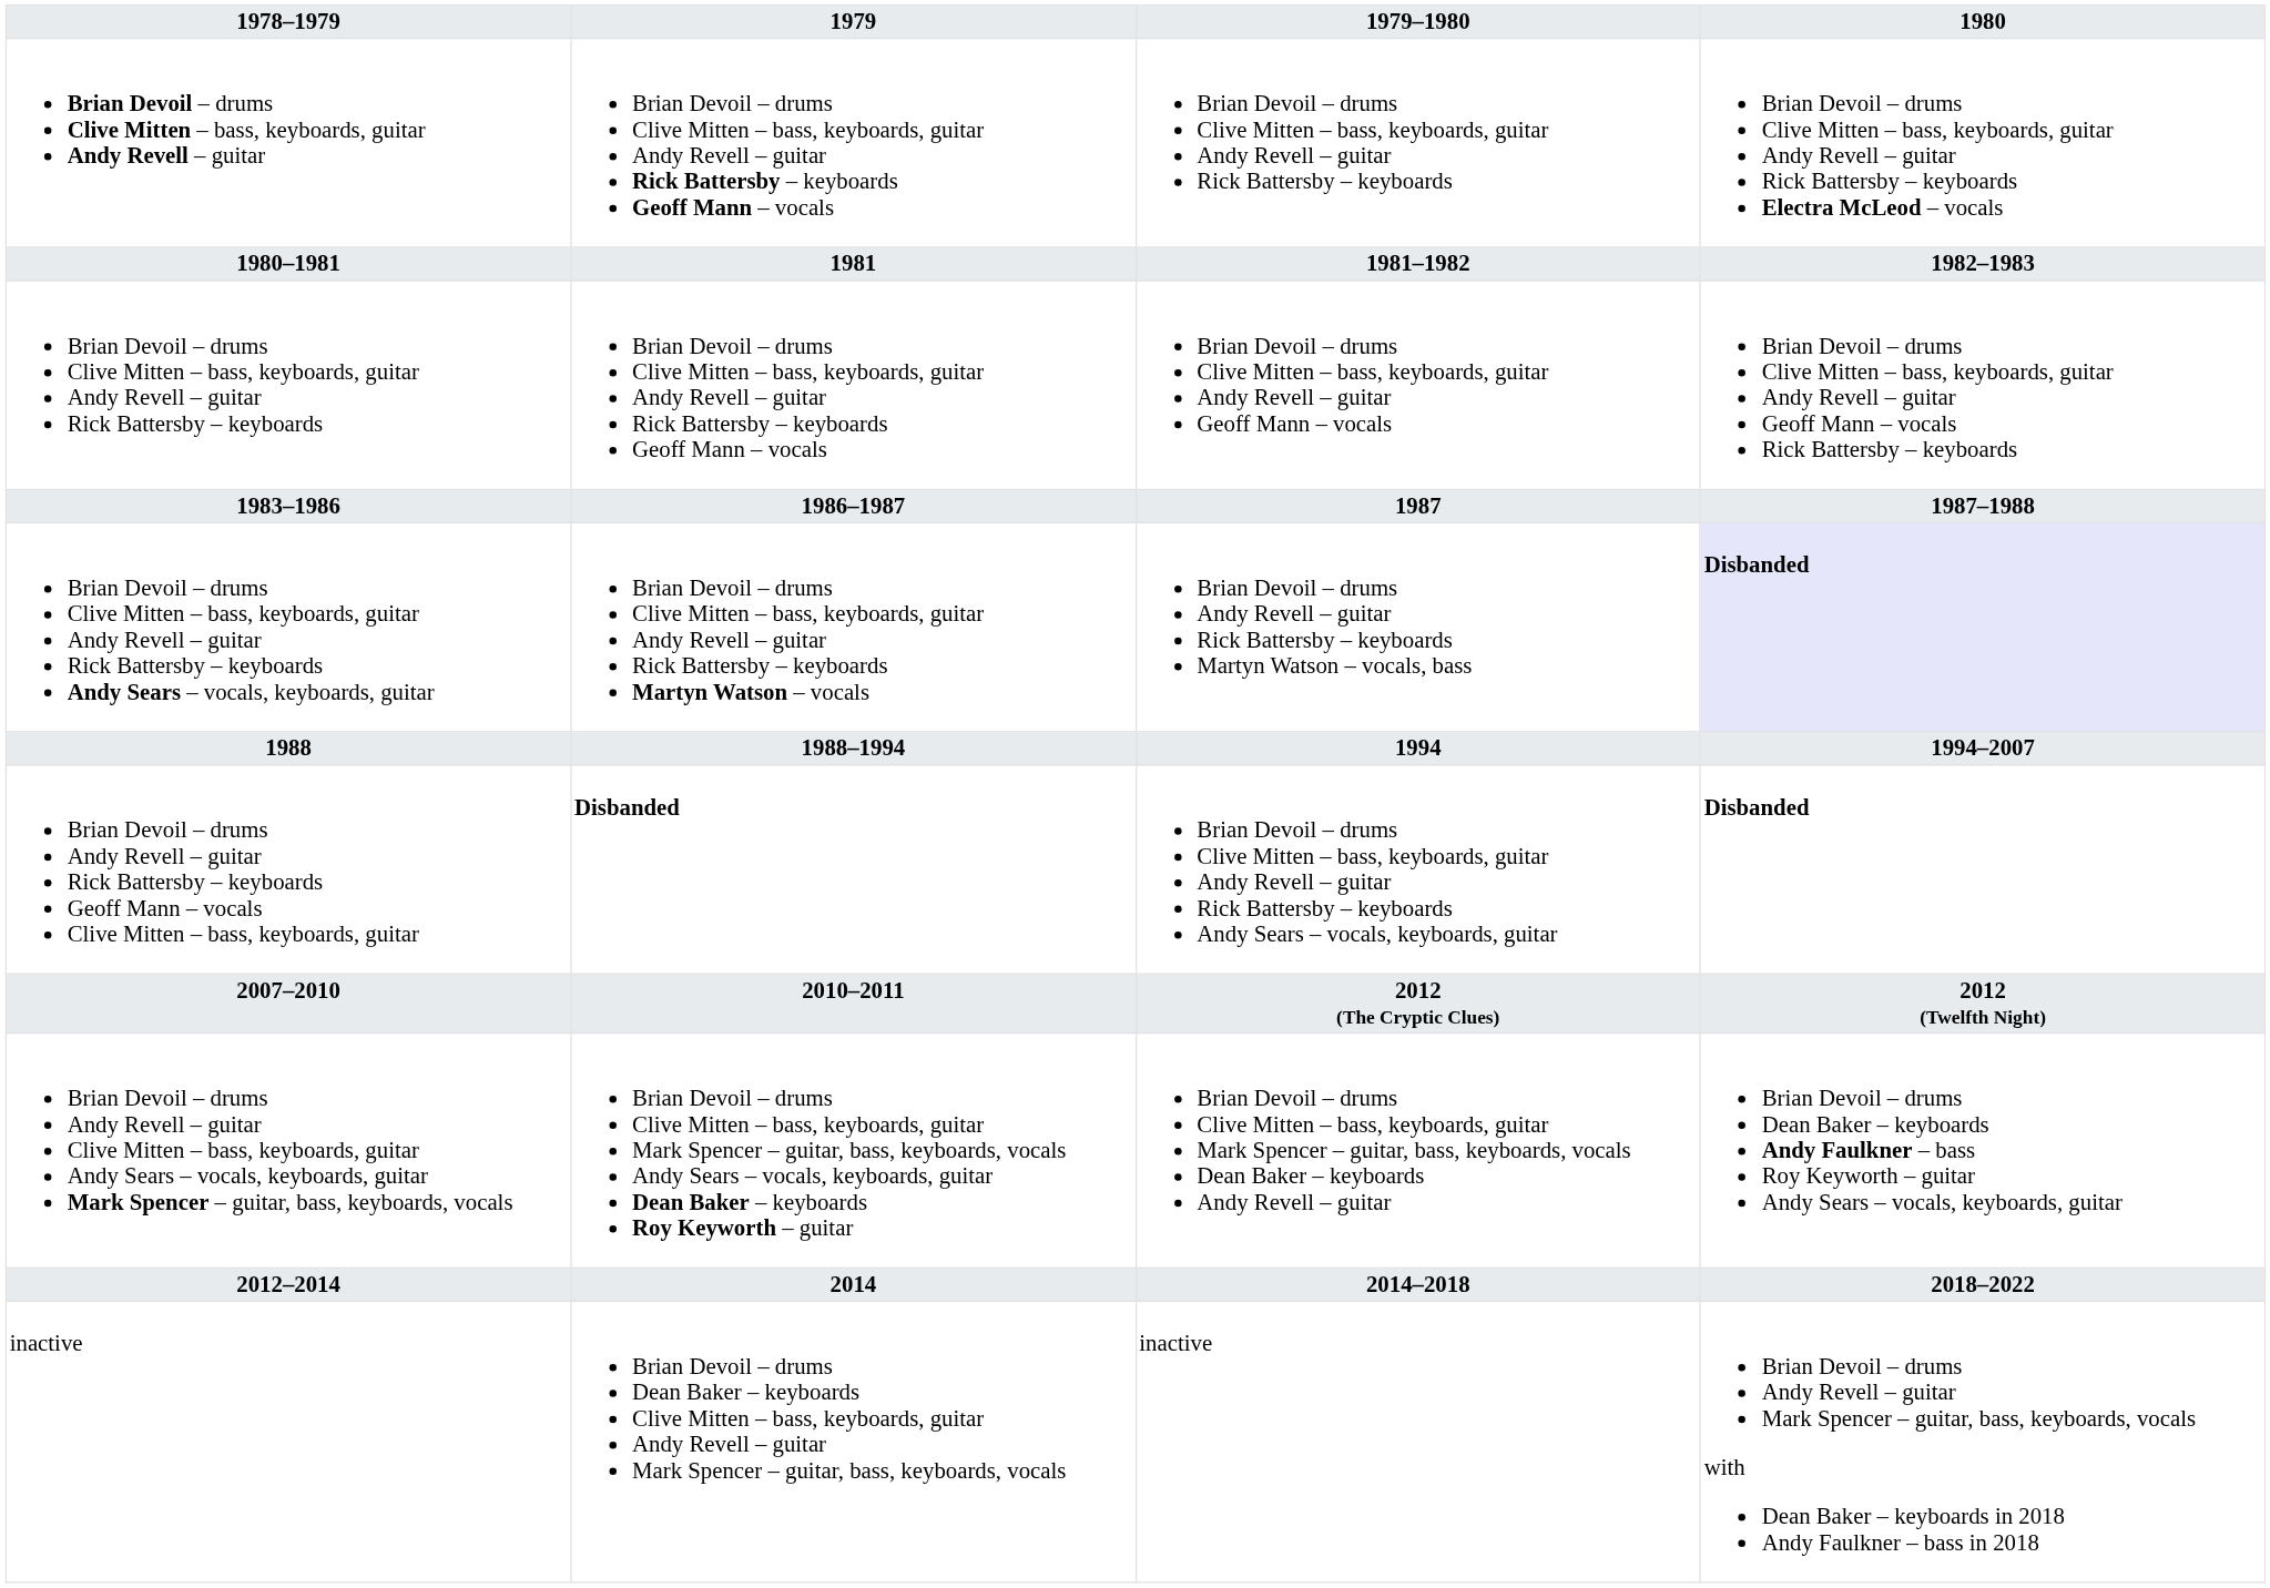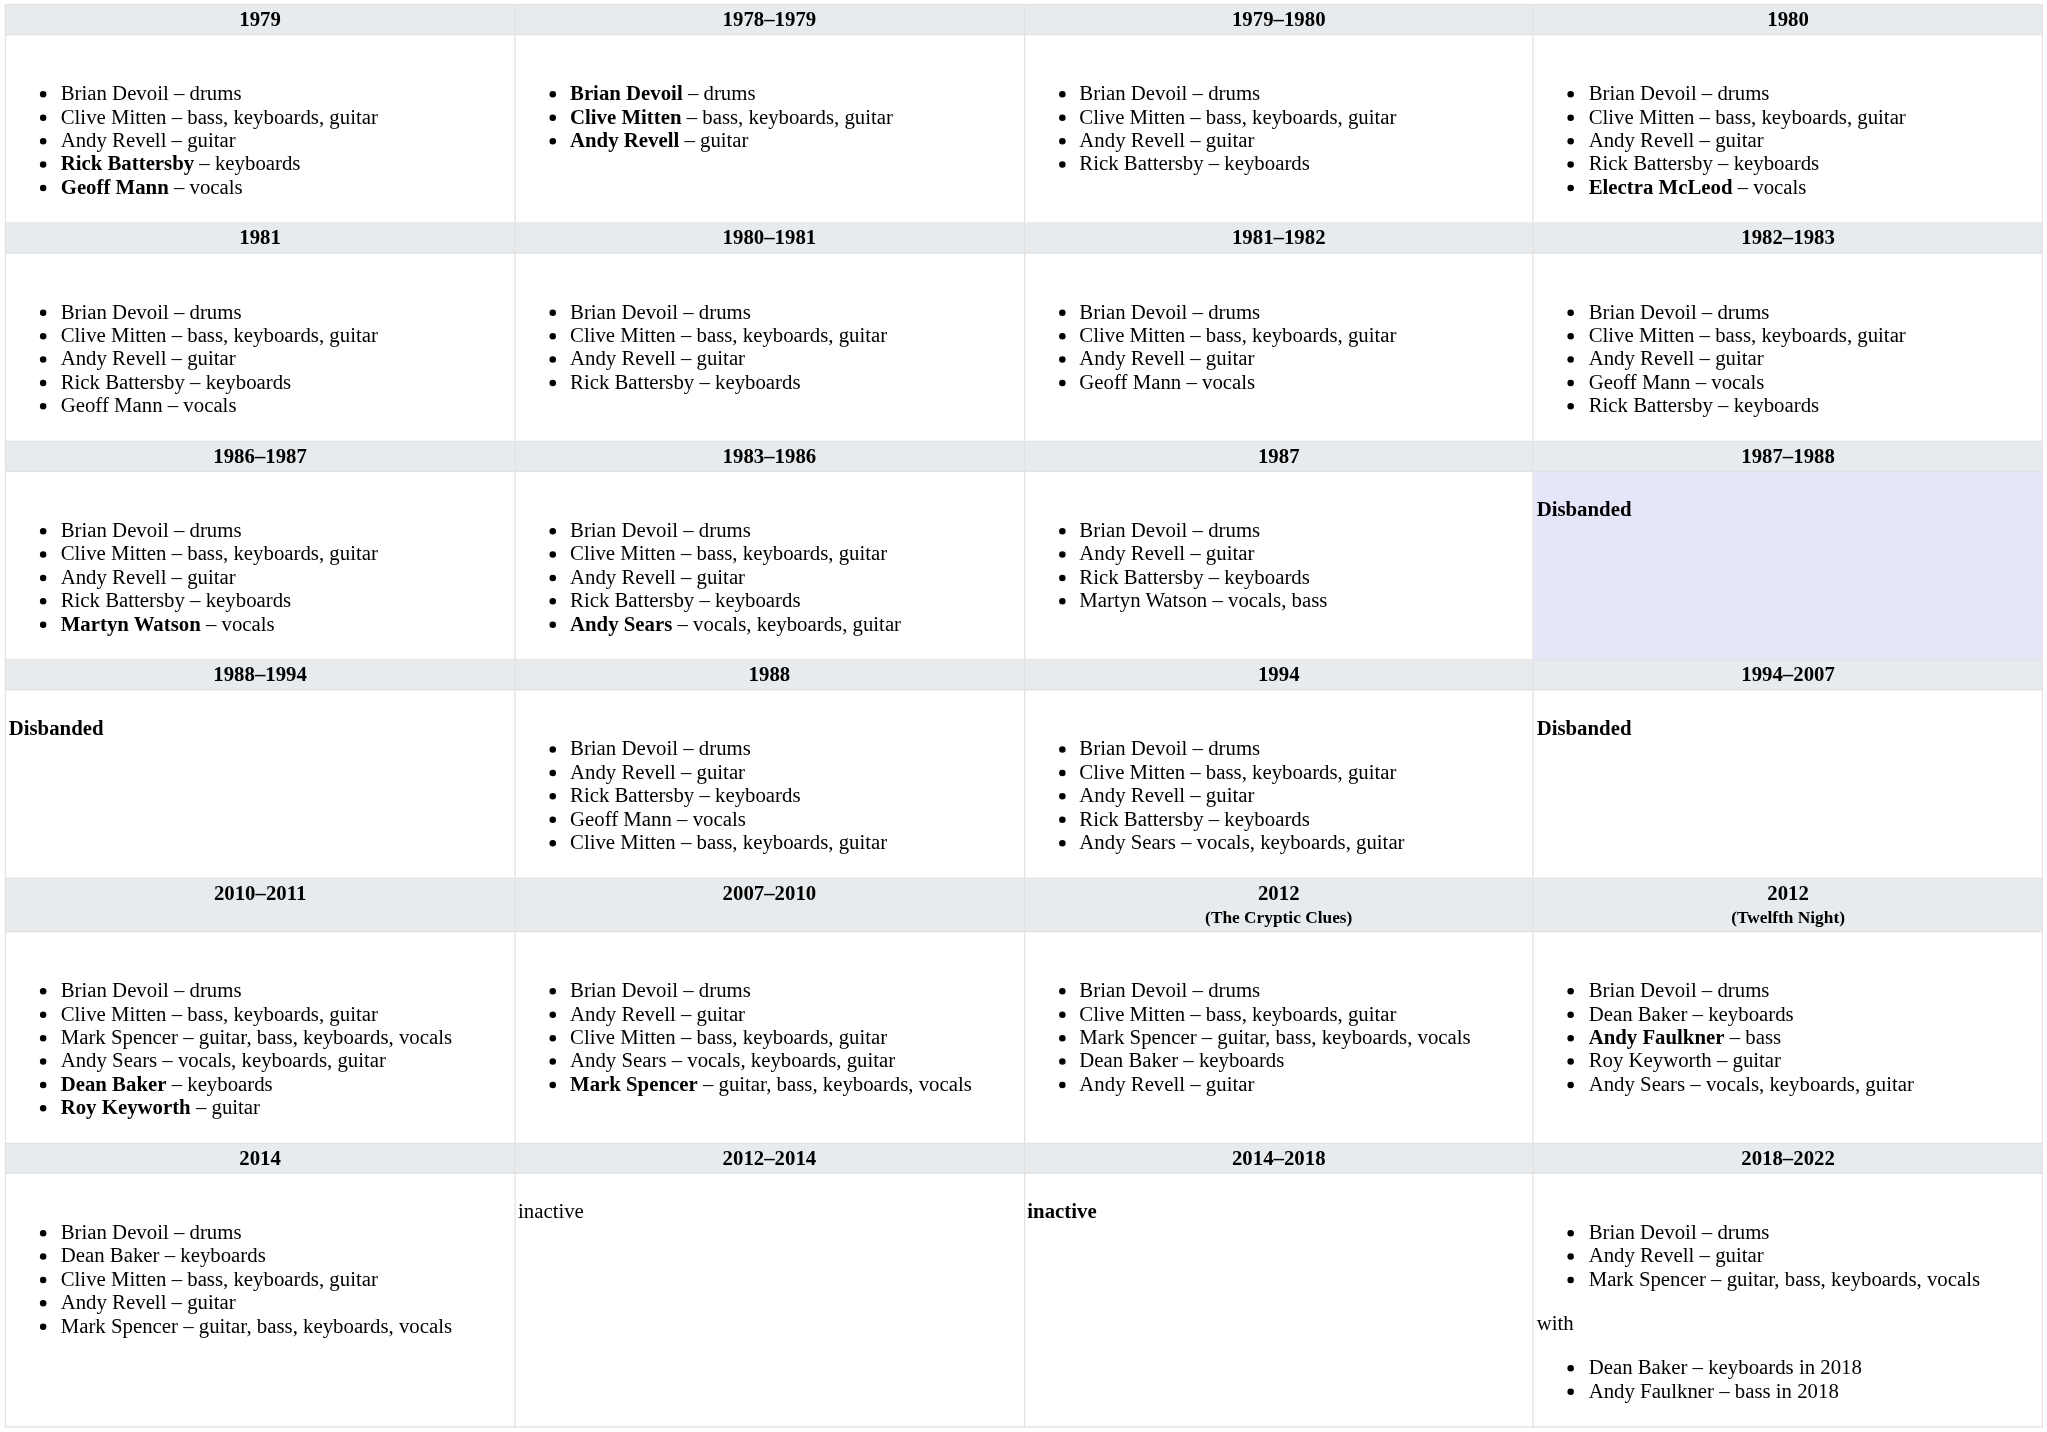 <table class="toccolours" border=1 cellpadding=2 cellspacing=0 style="float: width: 375px; margin: 0 0 1em 1em; border-collapse: collapse; border: 1px solid #E2E2E2;" width=99%>
 <tr>
+<th bgcolor="#E7EBEE" valign=top width=25%>1979</th>
 <th bgcolor="#E7EBEE" valign=top width=25%>1978–1979</th>
-<th bgcolor="#E7EBEE" valign=top width=25%>1979</th>
 <th bgcolor="#E7EBEE" valign=top width=25%>1979–1980</th>
 <th bgcolor="#E7EBEE" valign=top width=25%>1980</th>
 </tr>
 <tr>
+<td valign=top><br><ul><li>Brian Devoil – drums</li><li>Clive Mitten – bass, keyboards, guitar</li><li>Andy Revell – guitar</li><li><strong>Rick Battersby</strong> – keyboards</li><li><strong>Geoff Mann</strong> – vocals</li></ul></td>
 <td valign=top><br><ul><li><strong>Brian Devoil</strong> – drums</li><li><strong>Clive Mitten</strong> – bass, keyboards, guitar</li><li><strong>Andy Revell</strong> – guitar</li></ul></td>
-<td valign=top><br><ul><li>Brian Devoil – drums</li><li>Clive Mitten – bass, keyboards, guitar</li><li>Andy Revell – guitar</li><li><strong>Rick Battersby</strong> – keyboards</li><li><strong>Geoff Mann</strong> – vocals</li></ul></td>
 <td valign=top><br><ul><li>Brian Devoil – drums</li><li>Clive Mitten – bass, keyboards, guitar</li><li>Andy Revell – guitar</li><li>Rick Battersby – keyboards</li></ul></td>
 <td valign=top><br><ul><li>Brian Devoil – drums</li><li>Clive Mitten – bass, keyboards, guitar</li><li>Andy Revell – guitar</li><li>Rick Battersby – keyboards</li><li><strong>Electra McLeod</strong> – vocals</li></ul></td>
 </tr>
 <tr>
+<th bgcolor="#E7EBEE" valign=top width=25%>1981</th>
 <th bgcolor="#E7EBEE" valign=top width=25%>1980–1981</th>
-<th bgcolor="#E7EBEE" valign=top width=25%>1981</th>
 <th bgcolor="#E7EBEE" valign=top width=25%>1981–1982</th>
 <th bgcolor="#E7EBEE" valign=top width=25%>1982–1983</th>
 </tr>
 <tr>
+<td valign=top><br><ul><li>Brian Devoil – drums</li><li>Clive Mitten – bass, keyboards, guitar</li><li>Andy Revell – guitar</li><li>Rick Battersby – keyboards</li><li>Geoff Mann – vocals</li></ul></td>
 <td valign=top><br><ul><li>Brian Devoil – drums</li><li>Clive Mitten – bass, keyboards, guitar</li><li>Andy Revell – guitar</li><li>Rick Battersby – keyboards</li></ul></td>
-<td valign=top><br><ul><li>Brian Devoil – drums</li><li>Clive Mitten – bass, keyboards, guitar</li><li>Andy Revell – guitar</li><li>Rick Battersby – keyboards</li><li>Geoff Mann – vocals</li></ul></td>
 <td valign=top><br><ul><li>Brian Devoil – drums</li><li>Clive Mitten – bass, keyboards, guitar</li><li>Andy Revell – guitar</li><li>Geoff Mann – vocals</li></ul></td>
 <td valign=top><br><ul><li>Brian Devoil – drums</li><li>Clive Mitten – bass, keyboards, guitar</li><li>Andy Revell – guitar</li><li>Geoff Mann – vocals</li><li>Rick Battersby – keyboards</li></ul></td>
 </tr>
 <tr>
+<th bgcolor="#E7EBEE" valign=top width=25%>1986–1987</th>
 <th bgcolor="#E7EBEE" valign=top width=25%>1983–1986</th>
-<th bgcolor="#E7EBEE" valign=top width=25%>1986–1987</th>
 <th bgcolor="#E7EBEE" valign=top width=25%>1987</th>
 <th bgcolor="#E7EBEE" valign=top width=25%>1987–1988</th>
 </tr>
 <tr>
+<td valign=top><br><ul><li>Brian Devoil – drums</li><li>Clive Mitten – bass, keyboards, guitar</li><li>Andy Revell – guitar</li><li>Rick Battersby – keyboards</li><li><strong>Martyn Watson</strong> – vocals</li></ul></td>
 <td valign=top><br><ul><li>Brian Devoil – drums</li><li>Clive Mitten – bass, keyboards, guitar</li><li>Andy Revell – guitar</li><li>Rick Battersby – keyboards</li><li><strong>Andy Sears</strong> – vocals, keyboards, guitar</li></ul></td>
-<td valign=top><br><ul><li>Brian Devoil – drums</li><li>Clive Mitten – bass, keyboards, guitar</li><li>Andy Revell – guitar</li><li>Rick Battersby – keyboards</li><li><strong>Martyn Watson</strong> – vocals</li></ul></td>
 <td valign=top><br><ul><li>Brian Devoil – drums</li><li>Andy Revell – guitar</li><li>Rick Battersby – keyboards</li><li>Martyn Watson – vocals, bass</li></ul></td>
 <td valign=top style="background: lavender;"><br><strong>Disbanded</strong></td>
 </tr>
 <tr>
+<th bgcolor="#E7EBEE" valign=top width=25%>1988–1994</th>
 <th bgcolor="#E7EBEE" valign=top width=25%>1988</th>
-<th bgcolor="#E7EBEE" valign=top width=25%>1988–1994</th>
 <th bgcolor="#E7EBEE" valign=top width=25%>1994</th>
 <th bgcolor="#E7EBEE" valign=top width=25%>1994–2007</th>
 </tr>
 <tr>
+<td valign=top><br><strong>Disbanded</strong></td>
 <td valign=top><br><ul><li>Brian Devoil – drums</li><li>Andy Revell – guitar</li><li>Rick Battersby – keyboards</li><li>Geoff Mann – vocals</li><li>Clive Mitten – bass, keyboards, guitar</li></ul></td>
-<td valign=top><br><strong>Disbanded</strong></td>
 <td valign=top><br><ul><li>Brian Devoil – drums</li><li>Clive Mitten – bass, keyboards, guitar</li><li>Andy Revell – guitar</li><li>Rick Battersby – keyboards</li><li>Andy Sears – vocals, keyboards, guitar</li></ul></td>
 <td valign=top><br><strong>Disbanded</strong></td>
 </tr>
 <tr>
+<th bgcolor="#E7EBEE" valign=top width=25%>2010–2011</th>
 <th bgcolor="#E7EBEE" valign=top width=25%>2007–2010</th>
-<th bgcolor="#E7EBEE" valign=top width=25%>2010–2011</th>
 <th bgcolor="#E7EBEE" valign=top width=25%>2012<br><small>(The Cryptic Clues)</small></th>
 <th bgcolor="#E7EBEE" valign=top width=25%>2012<br><small>(Twelfth Night)</small></th>
 </tr>
 <tr>
+<td valign=top><br><ul><li>Brian Devoil – drums</li><li>Clive Mitten – bass, keyboards, guitar</li><li>Mark Spencer – guitar, bass, keyboards, vocals</li><li>Andy Sears – vocals, keyboards, guitar</li><li><strong>Dean Baker</strong> – keyboards</li><li><strong>Roy Keyworth</strong> – guitar</li></ul></td>
 <td valign=top><br><ul><li>Brian Devoil – drums</li><li>Andy Revell – guitar</li><li>Clive Mitten – bass, keyboards, guitar</li><li>Andy Sears – vocals, keyboards, guitar</li><li><strong>Mark Spencer</strong> – guitar, bass, keyboards, vocals</li></ul></td>
-<td valign=top><br><ul><li>Brian Devoil – drums</li><li>Clive Mitten – bass, keyboards, guitar</li><li>Mark Spencer – guitar, bass, keyboards, vocals</li><li>Andy Sears – vocals, keyboards, guitar</li><li><strong>Dean Baker</strong> – keyboards</li><li><strong>Roy Keyworth</strong> – guitar</li></ul></td>
 <td valign=top><br><ul><li>Brian Devoil – drums</li><li>Clive Mitten – bass, keyboards, guitar</li><li>Mark Spencer – guitar, bass, keyboards, vocals</li><li>Dean Baker – keyboards</li><li>Andy Revell – guitar</li></ul></td>
 <td valign=top><br><ul><li>Brian Devoil – drums</li><li>Dean Baker – keyboards</li><li><strong>Andy Faulkner</strong> – bass</li><li>Roy Keyworth – guitar</li><li>Andy Sears – vocals, keyboards, guitar</li></ul></td>
 </tr>
 <tr>
+<th bgcolor="#E7EBEE" valign=top width=25%>2014</th>
 <th bgcolor="#E7EBEE" valign=top width=25%>2012–2014</th>
-<th bgcolor="#E7EBEE" valign=top width=25%>2014</th>
 <th bgcolor="#E7EBEE" valign=top width=25%>2014–2018</th>
 <th bgcolor="#E7EBEE" valign=top width=25%>2018–2022</th>
 </tr>
 <tr>
-<td valign=top><br>inactive</td>
 <td valign=top><br><ul><li>Brian Devoil – drums</li><li>Dean Baker – keyboards</li><li>Clive Mitten – bass, keyboards, guitar</li><li>Andy Revell – guitar</li><li>Mark Spencer – guitar, bass, keyboards, vocals</li></ul></td>
 <td valign=top><br>inactive</td>
+<td valign=top><strong><br>inactive</strong></td>
 <td valign=top><br><ul><li>Brian Devoil – drums</li><li>Andy Revell – guitar</li><li>Mark Spencer – guitar, bass, keyboards, vocals</li></ul>with<ul><li>Dean Baker – keyboards in 2018</li><li>Andy Faulkner – bass in 2018</li></ul></td>
 </tr>
 </table>
